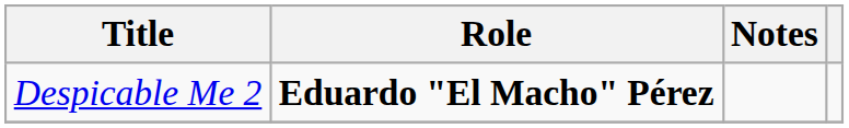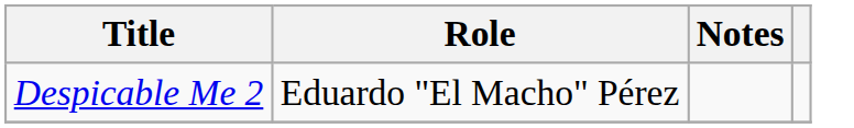 <table class="wikitable">
 <tr>
 <th>Title</th>
 <th>Role</th>
 <th>Notes</th>
 <th></th>
 </tr>
 <tr>
 <td><em><a href='#'>Despicable Me 2</a></em></td>
-<td><strong>Eduardo "El Macho" Pérez</strong></td>
+<td>Eduardo "El Macho" Pérez</td>
 <td></td>
 <td></td>
 </tr>
 <tr>
 </tr>
 </table>
